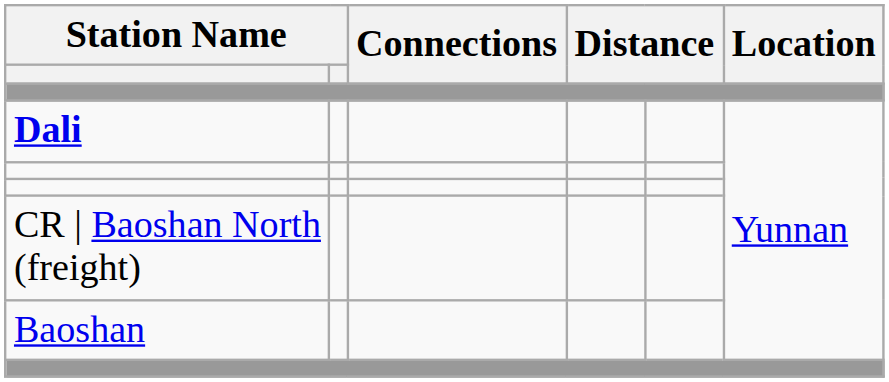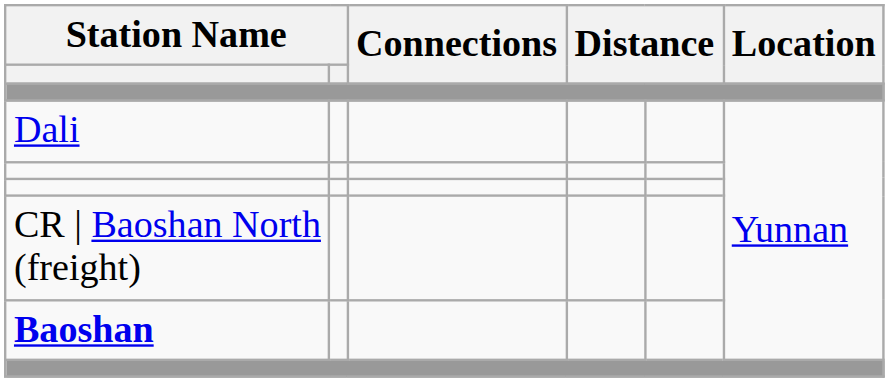 <table class="wikitable sortable">
 <tr>
 <th colspan="2">Station Name</th>
 <th rowspan="2">Connections</th>
 <th colspan="2" rowspan="2">Distance<br></th>
 <th rowspan="2">Location</th>
 </tr>
 <tr>
 <th></th>
 <th></th>
 </tr>
 <tr style = "background:#999999; height: 2pt">
 <td colspan = "8"></td>
 </tr>
 <tr>
-<td><strong><a href='#'>Dali</a></strong></td>
+<td><a href='#'>Dali</a></td>
 <td></td>
 <td></td>
 <td></td>
 <td></td>
 <td rowspan="5"><a href='#'>Yunnan</a></td>
 </tr>
 <tr>
 <td></td>
 <td></td>
 <td></td>
 <td></td>
 <td></td>
 </tr>
 <tr>
 <td></td>
 <td></td>
 <td></td>
 <td></td>
 <td></td>
 </tr>
 <tr>
 <td {{stl>CR  | <a href='#'>Baoshan North</a><br>(freight)</td>
 <td></td>
 <td></td>
 <td></td>
 <td></td>
 </tr>
 <tr>
-<td><a href='#'>Baoshan</a></td>
+<td><strong><a href='#'>Baoshan</a></strong></td>
 <td></td>
 <td></td>
 <td></td>
 <td></td>
 </tr>
 <tr style = "background:#999999; height: 2pt">
 <td colspan = "8"></td>
 </tr>
 </table>
